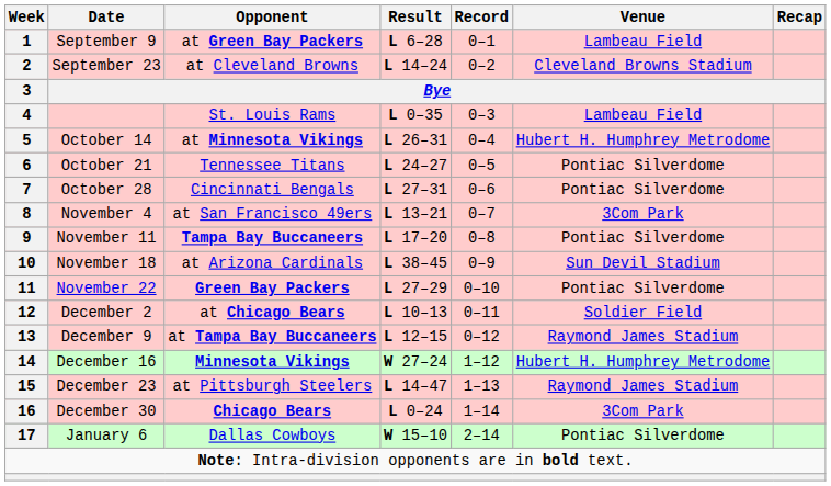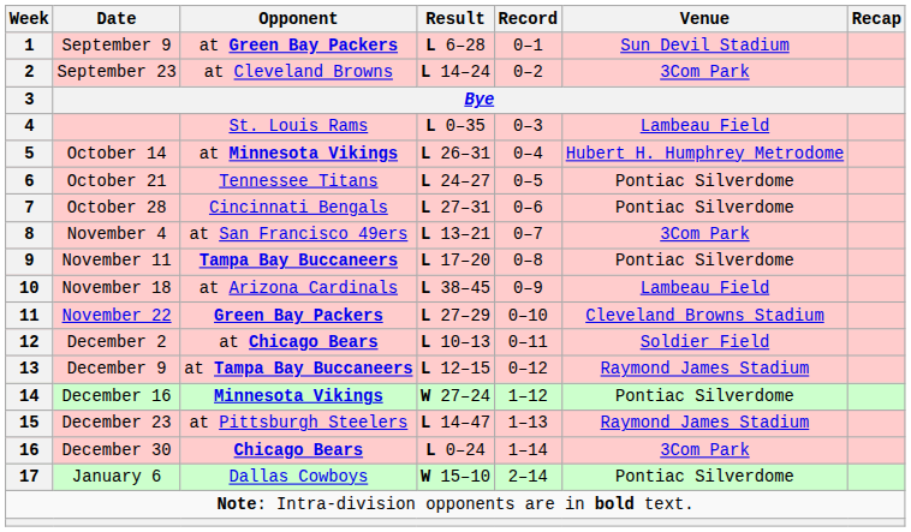 <table class="wikitable" style="text-align:center">
 <tr>
 <th>Week</th>
 <th>Date</th>
 <th>Opponent</th>
 <th>Result</th>
 <th>Record</th>
 <th>Venue</th>
 <th>Recap</th>
 </tr>
 <tr style="background: #fcc">
 <th>1</th>
 <td>September 9</td>
 <td>at <strong><a href='#'>Green Bay Packers</a></strong></td>
 <td><strong>L</strong> 6–28</td>
 <td>0–1</td>
-<td><a href='#'>Lambeau Field</a></td>
+<td><a href='#'>Sun Devil Stadium</a></td>
 <td></td>
 </tr>
 <tr style="background: #fcc">
 <th>2</th>
 <td>September 23</td>
 <td>at <a href='#'>Cleveland Browns</a></td>
 <td><strong>L</strong> 14–24</td>
 <td>0–2</td>
-<td><a href='#'>Cleveland Browns Stadium</a></td>
+<td><a href='#'>3Com Park</a></td>
 <td></td>
 </tr>
 <tr>
 <th>3</th>
 <th colspan="6"><em><a href='#'>Bye</a></em></th>
 </tr>
 <tr style="background: #fcc">
 <th>4</th>
 <td></td>
 <td><a href='#'>St. Louis Rams</a></td>
 <td><strong>L</strong>  0–35</td>
 <td>0–3</td>
 <td><a href='#'>Lambeau Field</a></td>
 <td></td>
 </tr>
 <tr style="background: #fcc">
 <th>5</th>
 <td>October 14</td>
 <td>at <strong><a href='#'>Minnesota Vikings</a></strong></td>
 <td><strong>L</strong>  26–31</td>
 <td>0–4</td>
 <td><a href='#'>Hubert H. Humphrey Metrodome</a></td>
 <td></td>
 </tr>
 <tr style="background: #fcc">
 <th>6</th>
 <td>October 21</td>
 <td><a href='#'>Tennessee Titans</a></td>
 <td><strong>L</strong> 24–27</td>
 <td>0–5</td>
 <td>Pontiac Silverdome</td>
 <td></td>
 </tr>
 <tr style="background: #fcc">
 <th>7</th>
 <td>October 28</td>
 <td><a href='#'>Cincinnati Bengals</a></td>
 <td><strong>L</strong> 27–31</td>
 <td>0–6</td>
 <td>Pontiac Silverdome</td>
 <td></td>
 </tr>
 <tr style="background: #fcc">
 <th>8</th>
 <td>November 4</td>
 <td>at <a href='#'>San Francisco 49ers</a></td>
 <td><strong>L</strong> 13–21</td>
 <td>0–7</td>
 <td><a href='#'>3Com Park</a></td>
 <td></td>
 </tr>
 <tr style="background: #fcc">
 <th>9</th>
 <td>November 11</td>
 <td><strong><a href='#'>Tampa Bay Buccaneers</a></strong></td>
 <td><strong>L</strong> 17–20</td>
 <td>0–8</td>
 <td>Pontiac Silverdome</td>
 <td></td>
 </tr>
 <tr style="background: #fcc">
 <th>10</th>
 <td>November 18</td>
 <td>at <a href='#'>Arizona Cardinals</a></td>
 <td><strong>L</strong> 38–45</td>
 <td>0–9</td>
-<td><a href='#'>Sun Devil Stadium</a></td>
+<td><a href='#'>Lambeau Field</a></td>
 <td></td>
 </tr>
 <tr style="background: #fcc">
 <th>11</th>
 <td><a href='#'>November 22</a></td>
 <td><strong><a href='#'>Green Bay Packers</a></strong></td>
 <td><strong>L</strong> 27–29</td>
 <td>0–10</td>
-<td>Pontiac Silverdome</td>
+<td><a href='#'>Cleveland Browns Stadium</a></td>
 <td></td>
 </tr>
 <tr style="background: #fcc">
 <th>12</th>
 <td>December 2</td>
 <td>at <strong><a href='#'>Chicago Bears</a></strong></td>
 <td><strong>L</strong> 10–13</td>
 <td>0–11</td>
 <td><a href='#'>Soldier Field</a></td>
 <td></td>
 </tr>
 <tr style="background: #fcc">
 <th>13</th>
 <td>December 9</td>
 <td>at <strong><a href='#'>Tampa Bay Buccaneers</a></strong></td>
 <td><strong>L</strong> 12–15</td>
 <td>0–12</td>
 <td><a href='#'>Raymond James Stadium</a></td>
 <td></td>
 </tr>
 <tr style="background: #cfc">
 <th>14</th>
 <td>December 16</td>
 <td><strong><a href='#'>Minnesota Vikings</a></strong></td>
 <td><strong>W</strong> 27–24</td>
 <td>1–12</td>
-<td><a href='#'>Hubert H. Humphrey Metrodome</a></td>
+<td>Pontiac Silverdome</td>
 <td></td>
 </tr>
 <tr style="background: #fcc">
 <th>15</th>
 <td>December 23</td>
 <td>at <a href='#'>Pittsburgh Steelers</a></td>
 <td><strong>L</strong> 14–47</td>
 <td>1–13</td>
 <td><a href='#'>Raymond James Stadium</a></td>
 <td></td>
 </tr>
 <tr style="background: #fcc">
 <th>16</th>
 <td>December 30</td>
 <td><strong><a href='#'>Chicago Bears</a></strong></td>
 <td><strong>L</strong> 0–24</td>
 <td>1–14</td>
 <td><a href='#'>3Com Park</a></td>
 <td></td>
 </tr>
 <tr style="background: #cfc">
 <th>17</th>
 <td>January 6</td>
 <td><a href='#'>Dallas Cowboys</a></td>
 <td><strong>W</strong>  15–10</td>
 <td>2–14</td>
 <td>Pontiac Silverdome</td>
 <td></td>
 </tr>
 <tr>
 <td colspan="7"><strong>Note</strong>: Intra-division opponents are in <strong>bold</strong> text.</td>
 </tr>
 <tr>
 <th colspan="7"></th>
 </tr>
 </table>
